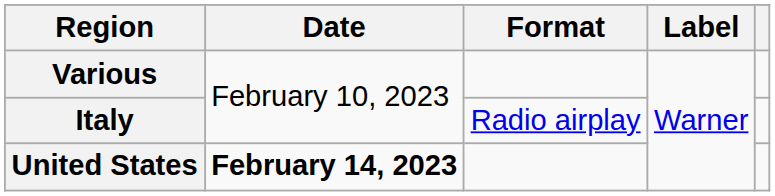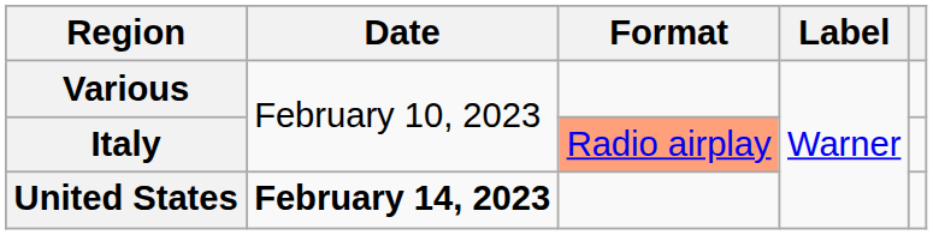 <table class="wikitable plainrowheaders">
 <tr>
 <th scope="col">Region</th>
 <th scope="col">Date</th>
 <th scope="col">Format</th>
 <th scope="col">Label</th>
 <th scope="col"></th>
 </tr>
 <tr>
 <th scope="row">Various</th>
 <td rowspan="2">February 10, 2023</td>
 <td></td>
 <td rowspan="3"><a href='#'>Warner</a></td>
 <td align="center"></td>
 </tr>
 <tr>
 <th scope="row">Italy</th>
-<td><a href='#'>Radio airplay</a></td>
+<td style="background: lightsalmon;"><a href='#'>Radio airplay</a></td>
 <td align="center"></td>
 </tr>
 <tr>
 <th scope="row">United States</th>
 <td><strong>February 14, 2023</strong></td>
 <td></td>
 <td align="center"></td>
 </tr>
 </table>
